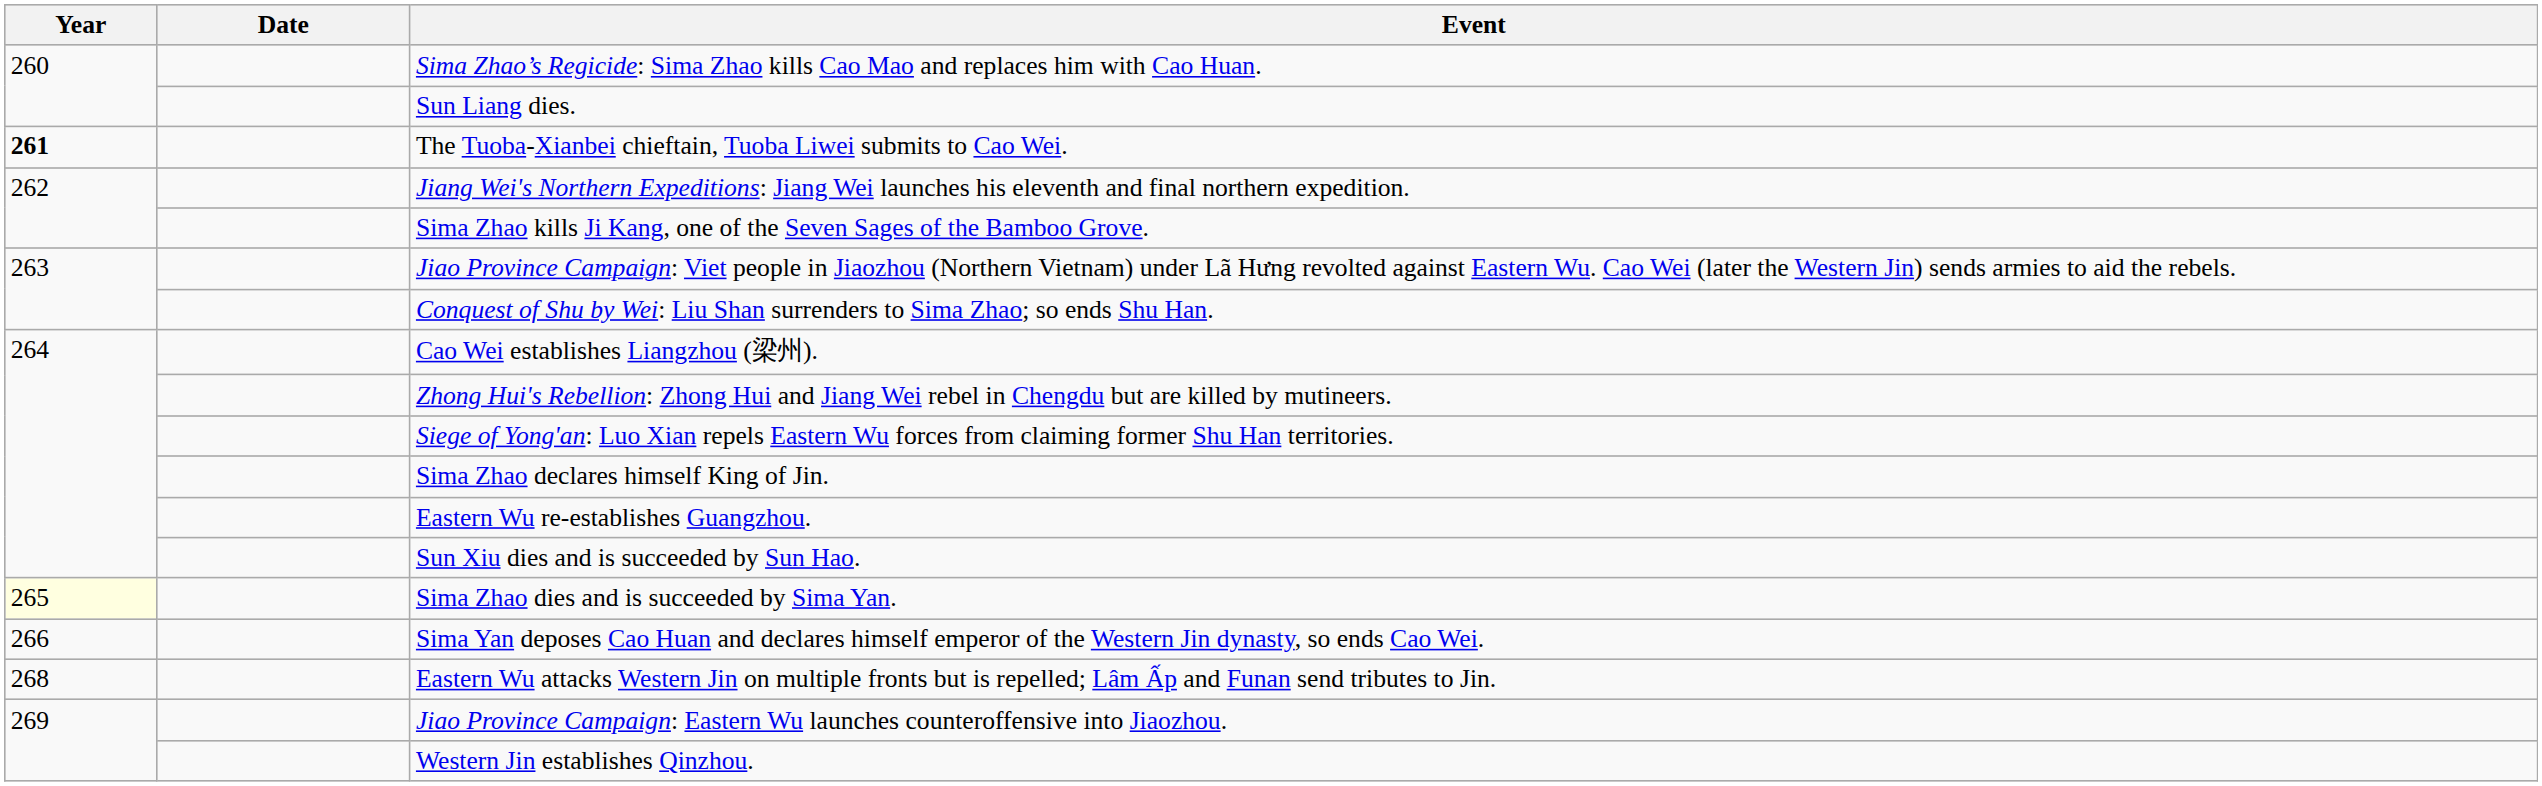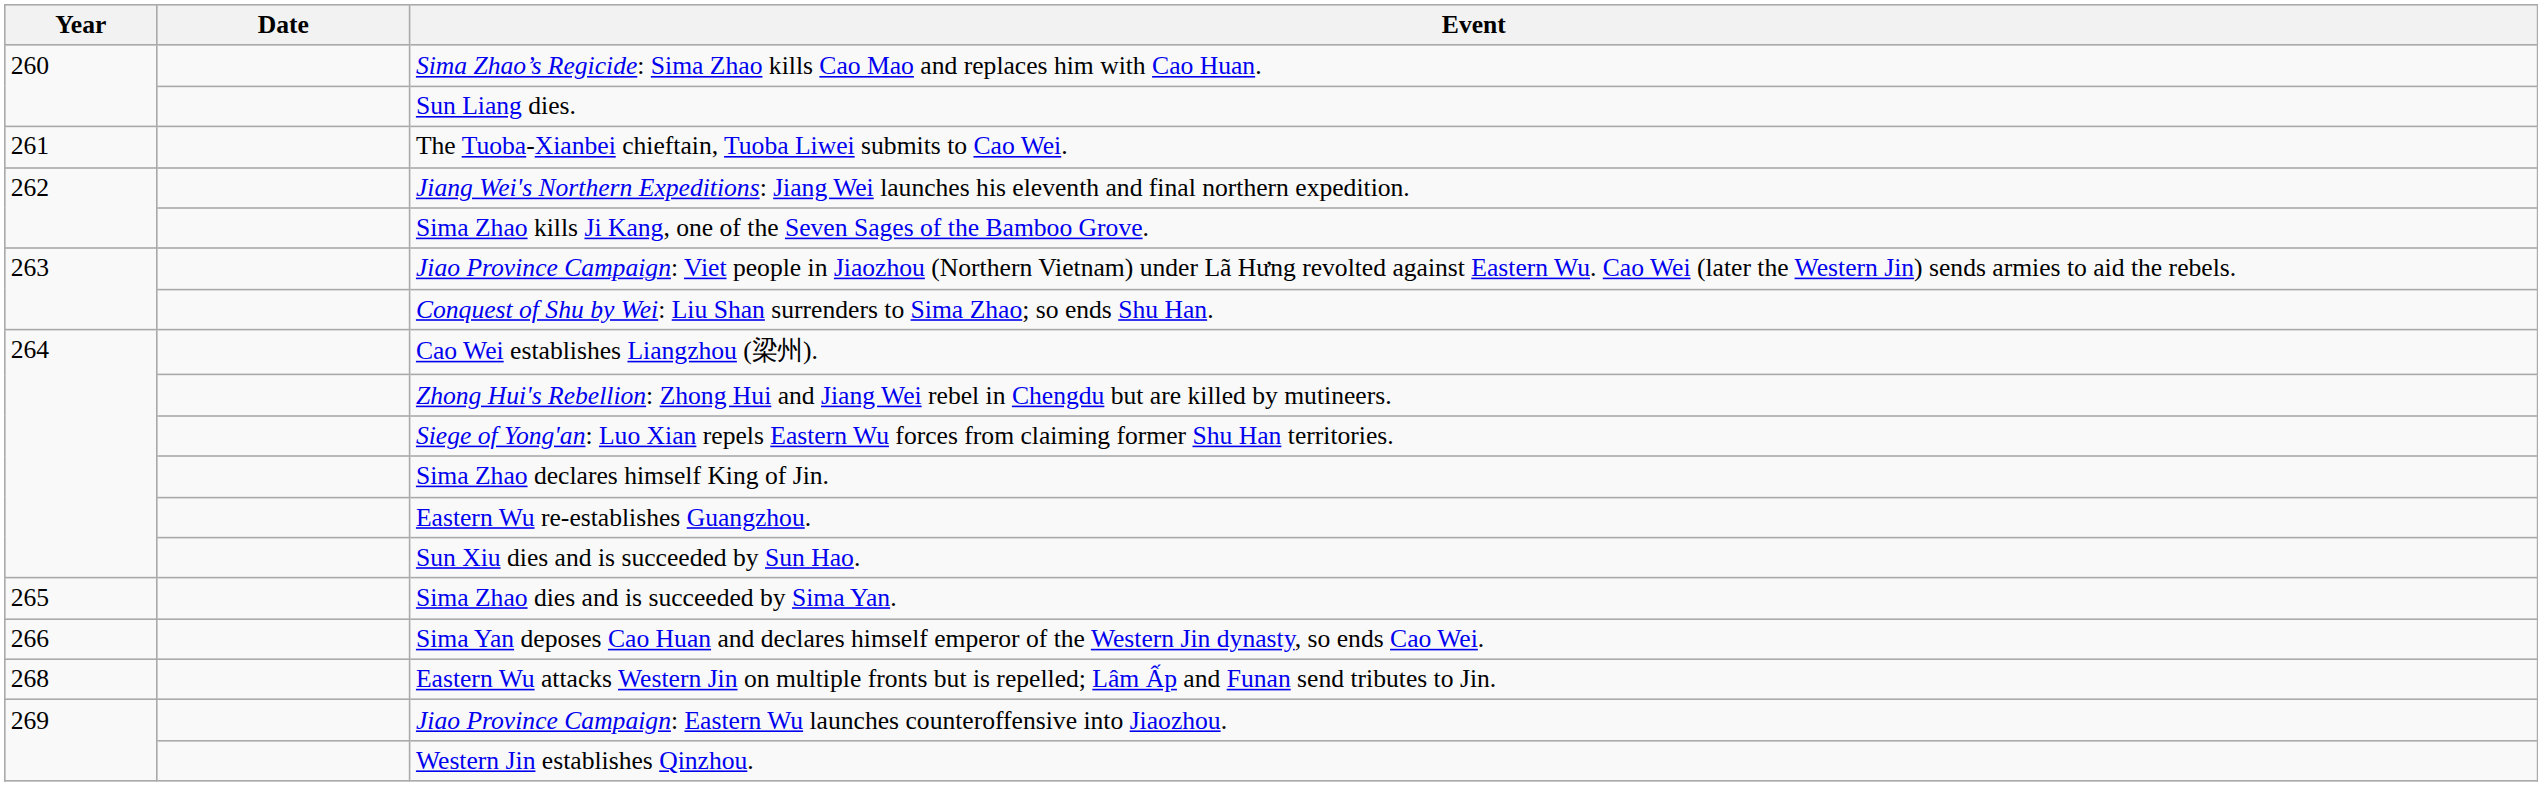 <table class="wikitable" style="width:100%;">
 <tr>
 <th style="width:6%">Year</th>
 <th style="width:10%">Date</th>
 <th>Event</th>
 </tr>
 <tr>
 <td rowspan="2" style="vertical-align:top;">260</td>
 <td></td>
 <td><em><a href='#'>Sima Zhao’s Regicide</a></em>: <a href='#'>Sima Zhao</a> kills <a href='#'>Cao Mao</a> and replaces him with <a href='#'>Cao Huan</a>.</td>
 </tr>
 <tr>
 <td></td>
 <td><a href='#'>Sun Liang</a> dies.</td>
 </tr>
 <tr>
-<td><strong>261</strong></td>
+<td>261</td>
 <td></td>
 <td>The <a href='#'>Tuoba</a>-<a href='#'>Xianbei</a> chieftain, <a href='#'>Tuoba Liwei</a> submits to <a href='#'>Cao Wei</a>.</td>
 </tr>
 <tr>
 <td rowspan="2" style="vertical-align:top;">262</td>
 <td></td>
 <td><em><a href='#'>Jiang Wei's Northern Expeditions</a></em>: <a href='#'>Jiang Wei</a> launches his eleventh and final northern expedition.</td>
 </tr>
 <tr>
 <td></td>
 <td><a href='#'>Sima Zhao</a> kills <a href='#'>Ji Kang</a>, one of the <a href='#'>Seven Sages of the Bamboo Grove</a>.</td>
 </tr>
 <tr>
 <td rowspan="2" style="vertical-align:top;">263</td>
 <td></td>
 <td><em><a href='#'>Jiao Province Campaign</a></em>: <a href='#'>Viet</a> people in <a href='#'>Jiaozhou</a> (Northern Vietnam) under Lã Hưng revolted against <a href='#'>Eastern Wu</a>. <a href='#'>Cao Wei</a> (later the <a href='#'>Western Jin</a>) sends armies to aid the rebels.</td>
 </tr>
 <tr>
 <td></td>
 <td><em><a href='#'>Conquest of Shu by Wei</a></em>: <a href='#'>Liu Shan</a> surrenders to <a href='#'>Sima Zhao</a>; so ends <a href='#'>Shu Han</a>.</td>
 </tr>
 <tr>
 <td rowspan="6" style="vertical-align:top;">264</td>
 <td></td>
 <td><a href='#'>Cao Wei</a> establishes <a href='#'>Liangzhou</a> (梁州).</td>
 </tr>
 <tr>
 <td></td>
 <td><em><a href='#'>Zhong Hui's Rebellion</a></em>: <a href='#'>Zhong Hui</a> and <a href='#'>Jiang Wei</a> rebel in <a href='#'>Chengdu</a> but are killed by mutineers.</td>
 </tr>
 <tr>
 <td></td>
 <td><em><a href='#'>Siege of Yong'an</a></em>: <a href='#'>Luo Xian</a> repels <a href='#'>Eastern Wu</a> forces from claiming former <a href='#'>Shu Han</a> territories.</td>
 </tr>
 <tr>
 <td></td>
 <td><a href='#'>Sima Zhao</a> declares himself King of Jin.</td>
 </tr>
 <tr>
 <td></td>
 <td><a href='#'>Eastern Wu</a> re-establishes <a href='#'>Guangzhou</a>.</td>
 </tr>
 <tr>
 <td></td>
 <td><a href='#'>Sun Xiu</a> dies and is succeeded by <a href='#'>Sun Hao</a>.</td>
 </tr>
 <tr>
-<td style="background: lightyellow;">265</td>
+<td>265</td>
 <td></td>
 <td><a href='#'>Sima Zhao</a> dies and is succeeded by <a href='#'>Sima Yan</a>.</td>
 </tr>
 <tr>
 <td>266</td>
 <td></td>
 <td><a href='#'>Sima Yan</a> deposes <a href='#'>Cao Huan</a> and declares himself emperor of the <a href='#'>Western Jin dynasty</a>, so ends <a href='#'>Cao Wei</a>.</td>
 </tr>
 <tr>
 <td>268</td>
 <td></td>
 <td><a href='#'>Eastern Wu</a> attacks <a href='#'>Western Jin</a> on multiple fronts but is repelled; <a href='#'>Lâm Ấp</a> and <a href='#'>Funan</a> send tributes to Jin.</td>
 </tr>
 <tr>
 <td rowspan="2" style="vertical-align:top;">269</td>
 <td></td>
 <td><em><a href='#'>Jiao Province Campaign</a></em>: <a href='#'>Eastern Wu</a> launches counteroffensive into <a href='#'>Jiaozhou</a>.</td>
 </tr>
 <tr>
 <td></td>
 <td><a href='#'>Western Jin</a> establishes <a href='#'>Qinzhou</a>.</td>
 </tr>
 </table>
